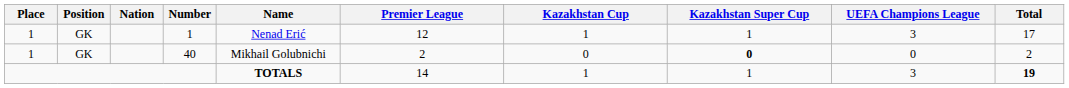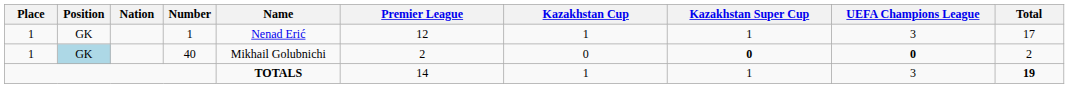 <table class="wikitable" style="font-size: 95%; text-align: center;">
 <tr>
 <th width=60>Place</th>
 <th width=60>Position</th>
 <th width=60>Nation</th>
 <th width=60>Number</th>
 <th width=150>Name</th>
 <th width=200><a href='#'>Premier League</a></th>
 <th width=200><a href='#'>Kazakhstan Cup</a></th>
 <th width=200><a href='#'>Kazakhstan Super Cup</a></th>
 <th width=200><a href='#'>UEFA Champions League</a></th>
 <th width=80>Total</th>
 </tr>
 <tr>
 <td>1</td>
 <td>GK</td>
 <td></td>
 <td>1</td>
 <td><a href='#'>Nenad Erić</a></td>
 <td>12</td>
 <td>1</td>
 <td>1</td>
 <td>3</td>
 <td>17</td>
 </tr>
 <tr>
 <td>1</td>
-<td>GK</td>
+<td style="background: lightblue;">GK</td>
 <td></td>
 <td>40</td>
 <td>Mikhail Golubnichi</td>
 <td>2</td>
 <td>0</td>
 <td><strong>0</strong></td>
-<td>0</td>
+<td><strong>0</strong></td>
 <td>2</td>
 </tr>
 <tr>
 <td colspan="4"></td>
 <td><strong>TOTALS</strong></td>
 <td>14</td>
 <td>1</td>
 <td>1</td>
 <td>3</td>
 <td><strong>19</strong></td>
 </tr>
 </table>
